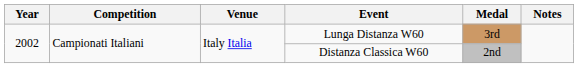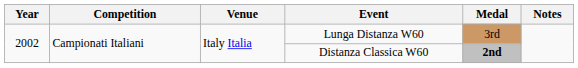 <table class="wikitable" width=55% style="font-size:90%; text-align:center;">
 <tr>
 <th>Year</th>
 <th>Competition</th>
 <th>Venue</th>
 <th>Event</th>
 <th>Medal</th>
 <th>Notes</th>
 </tr>
 <tr>
 <td align=center rowspan=2>2002</td>
 <td rowspan=2 align=left>Campionati Italiani</td>
 <td rowspan=2 align=left>Italy <a href='#'>Italia</a></td>
 <td>Lunga Distanza W60</td>
 <td bgcolor=cc9966>3rd</td>
 </tr>
 <tr>
 <td>Distanza Classica W60</td>
-<td bgcolor=silver>2nd</td>
+<td bgcolor=silver><strong>2nd</strong></td>
 </tr>
 </table>
